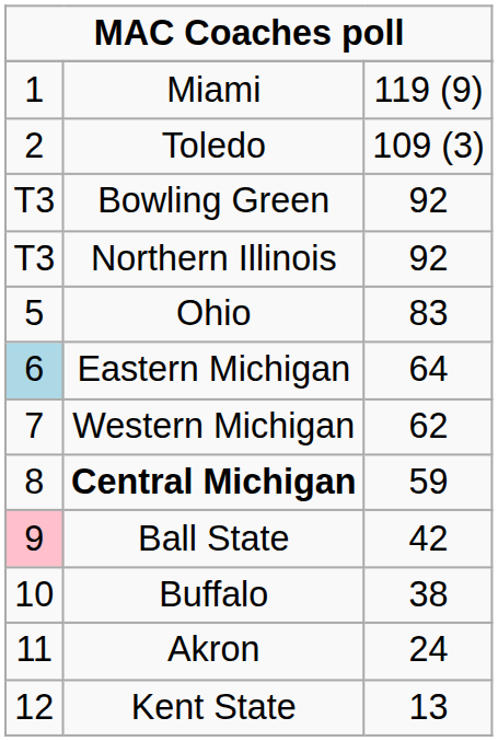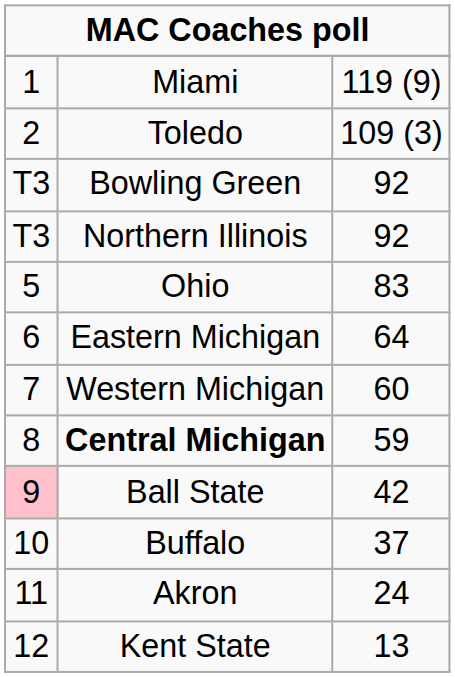 <table class="wikitable" style="display: inline-table;">
 <tr align="center">
 <td align="center" Colspan="3"><strong>MAC Coaches poll</strong></td>
 </tr>
 <tr align="center">
 </tr>
 <tr align="center">
 <td>1</td>
 <td>Miami</td>
 <td>119 (9)</td>
 </tr>
 <tr align="center">
 <td>2</td>
 <td>Toledo</td>
 <td>109 (3)</td>
 </tr>
 <tr align="center">
 <td>T3</td>
 <td>Bowling Green</td>
 <td>92</td>
 </tr>
 <tr align="center">
 <td>T3</td>
 <td>Northern Illinois</td>
 <td>92</td>
 </tr>
 <tr align="center">
 <td>5</td>
 <td>Ohio</td>
 <td>83</td>
 </tr>
 <tr align="center">
-<td style="background: lightblue;">6</td>
+<td>6</td>
 <td>Eastern Michigan</td>
 <td>64</td>
 </tr>
 <tr align="center">
 <td>7</td>
 <td>Western Michigan</td>
-<td>62</td>
+<td>60</td>
 </tr>
 <tr align="center">
 <td>8</td>
 <td><strong>Central Michigan</strong></td>
 <td>59</td>
 </tr>
 <tr align="center">
 <td style="background: pink;">9</td>
 <td>Ball State</td>
 <td>42</td>
 </tr>
 <tr align="center">
 <td>10</td>
 <td>Buffalo</td>
-<td>38</td>
+<td>37</td>
 </tr>
 <tr align="center">
 <td>11</td>
 <td>Akron</td>
 <td>24</td>
 </tr>
 <tr align="center">
 <td>12</td>
 <td>Kent State</td>
 <td>13</td>
 </tr>
 </table>
